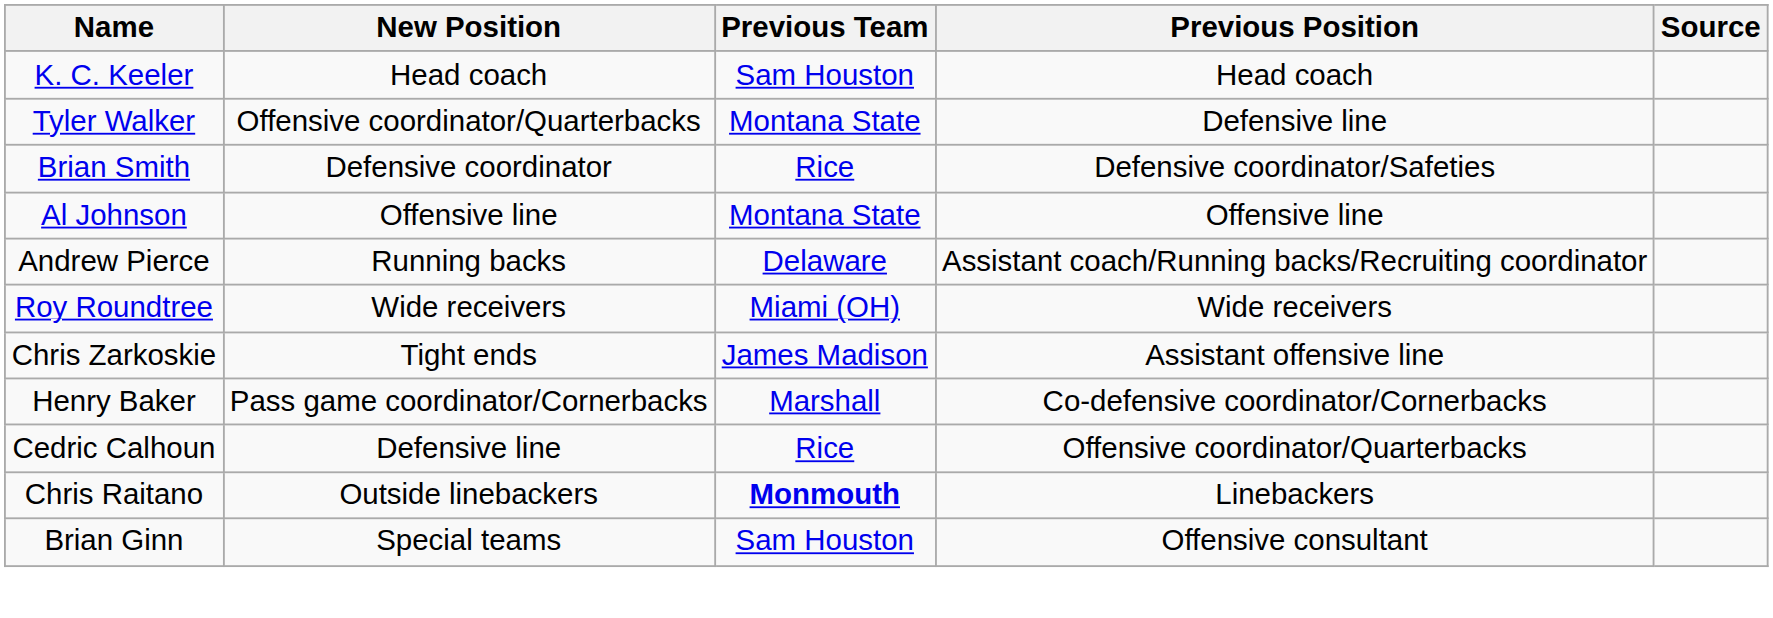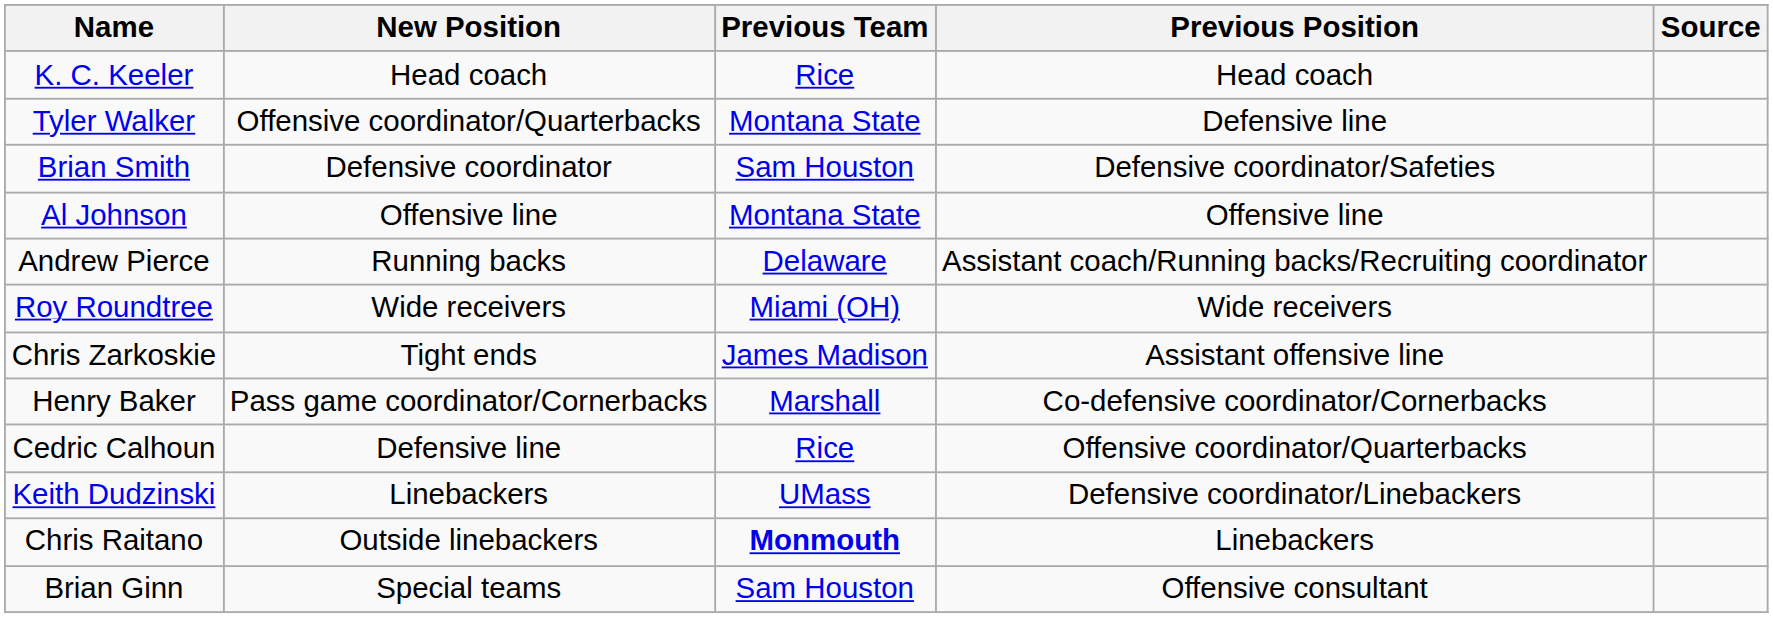 <table class="wikitable">
 <tr>
 <th style="text-align:center; ">Name</th>
 <th style="text-align:center; ">New Position</th>
 <th style="text-align:center; ">Previous Team</th>
 <th style="text-align:center; ">Previous Position</th>
 <th style="text-align:center; ">Source</th>
 </tr>
 <tr align="center">
 <td><a href='#'>K. C. Keeler</a></td>
 <td>Head coach</td>
-<td><a href='#'>Sam Houston</a></td>
+<td><a href='#'>Rice</a></td>
 <td>Head coach</td>
 <td></td>
 </tr>
 <tr align="center">
 <td><a href='#'>Tyler Walker</a></td>
 <td>Offensive coordinator/Quarterbacks</td>
 <td><a href='#'>Montana State</a></td>
 <td>Defensive line</td>
 <td></td>
 </tr>
 <tr align="center">
 <td><a href='#'>Brian Smith</a></td>
 <td>Defensive coordinator</td>
-<td><a href='#'>Rice</a></td>
+<td><a href='#'>Sam Houston</a></td>
 <td>Defensive coordinator/Safeties</td>
 <td></td>
 </tr>
 <tr align="center">
 <td><a href='#'>Al Johnson</a></td>
 <td>Offensive line</td>
 <td><a href='#'>Montana State</a></td>
 <td>Offensive line</td>
 <td></td>
 </tr>
 <tr align="center">
 <td>Andrew Pierce</td>
 <td>Running backs</td>
 <td><a href='#'>Delaware</a></td>
 <td>Assistant coach/Running backs/Recruiting coordinator</td>
 <td></td>
 </tr>
 <tr align="center">
 <td><a href='#'>Roy Roundtree</a></td>
 <td>Wide receivers</td>
 <td><a href='#'>Miami (OH)</a></td>
 <td>Wide receivers</td>
 <td></td>
 </tr>
 <tr align="center">
 <td>Chris Zarkoskie</td>
 <td>Tight ends</td>
 <td><a href='#'>James Madison</a></td>
 <td>Assistant offensive line</td>
 <td></td>
 </tr>
 <tr align="center">
 <td>Henry Baker</td>
 <td>Pass game coordinator/Cornerbacks</td>
 <td><a href='#'>Marshall</a></td>
 <td>Co-defensive coordinator/Cornerbacks</td>
 <td></td>
 </tr>
 <tr align="center">
 <td>Cedric Calhoun</td>
 <td>Defensive line</td>
 <td><a href='#'>Rice</a></td>
 <td>Offensive coordinator/Quarterbacks</td>
 <td></td>
 </tr>
 <tr align="center">
+<td><a href='#'>Keith Dudzinski</a></td>
+<td>Linebackers</td>
+<td><a href='#'>UMass</a></td>
+<td>Defensive coordinator/Linebackers</td>
+<td></td>
+</tr>
+<tr align="center">
 <td>Chris Raitano</td>
 <td>Outside linebackers</td>
 <td><strong><a href='#'>Monmouth</a></strong></td>
 <td>Linebackers</td>
 <td></td>
 </tr>
 <tr align="center">
 <td>Brian Ginn</td>
 <td>Special teams</td>
 <td><a href='#'>Sam Houston</a></td>
 <td>Offensive consultant</td>
 <td></td>
 </tr>
 </table>
